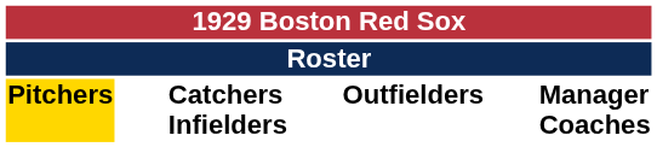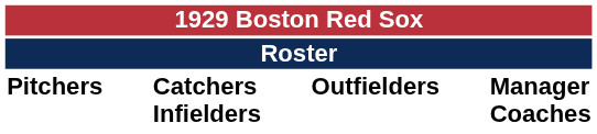 <table class="toccolours" style="text-align: left;">
 <tr>
 <th colspan="10" style="background-color: #ba313c; color: white; text-align: center;">1929 Boston Red Sox</th>
 </tr>
 <tr>
 <td colspan="10" style="background-color: #0d2b56; color: white; text-align: center;"><strong>Roster</strong></td>
 </tr>
 <tr>
-<td valign="top" style="background: gold;"><strong>Pitchers</strong><br>           </td>
+<td valign="top"><strong>Pitchers</strong><br>           </td>
 <td width="25px"></td>
 <td valign="top"><strong>Catchers</strong><br>     <strong>Infielders</strong>         </td>
 <td width="25px"></td>
 <td valign="top"><strong>Outfielders</strong><br>         </td>
 <td width="25px"></td>
 <td valign="top"><strong>Manager</strong><br> <strong>Coaches</strong> </td>
 </tr>
 <tr>
 </tr>
 </table>
